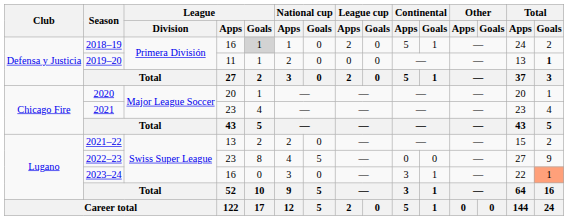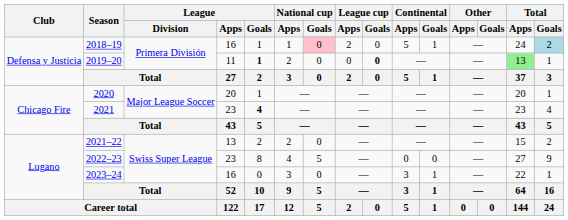 <table class="wikitable" style="text-align:center">
 <tr>
 <th rowspan="2">Club</th>
 <th rowspan="2">Season</th>
 <th colspan="3">League</th>
 <th colspan="2">National cup</th>
 <th colspan="2">League cup</th>
 <th colspan="2">Continental</th>
 <th colspan="2">Other</th>
 <th colspan="2">Total</th>
 </tr>
 <tr>
 <th>Division</th>
 <th>Apps</th>
 <th>Goals</th>
 <th>Apps</th>
 <th>Goals</th>
 <th>Apps</th>
 <th>Goals</th>
 <th>Apps</th>
 <th>Goals</th>
 <th>Apps</th>
 <th>Goals</th>
 <th>Apps</th>
 <th>Goals</th>
 </tr>
 <tr>
 <td rowspan="3"><a href='#'>Defensa y Justicia</a></td>
 <td><a href='#'>2018–19</a></td>
 <td rowspan="2"><a href='#'>Primera División</a></td>
 <td>16</td>
-<td style="background: lightgrey;">1</td>
 <td>1</td>
-<td>0</td>
+<td>1</td>
+<td style="background: pink;">0</td>
 <td>2</td>
 <td>0</td>
 <td>5</td>
 <td>1</td>
 <td colspan="2">—</td>
 <td>24</td>
-<td>2</td>
+<td style="background: lightblue;">2</td>
 </tr>
 <tr>
 <td><a href='#'>2019–20</a></td>
 <td>11</td>
-<td>1</td>
+<td><strong>1</strong></td>
 <td>2</td>
 <td>0</td>
 <td>0</td>
-<td>0</td>
+<td><strong>0</strong></td>
 <td colspan="2">—</td>
 <td colspan="2">—</td>
-<td>13</td>
-<td><strong>1</strong></td>
+<td style="background: lightgreen;">13</td>
+<td>1</td>
 </tr>
 <tr>
 <th colspan="2">Total</th>
 <th>27</th>
 <th>2</th>
 <th>3</th>
 <th>0</th>
 <th>2</th>
 <th>0</th>
 <th>5</th>
 <th>1</th>
 <th colspan="2">—</th>
 <th>37</th>
 <th>3</th>
 </tr>
 <tr>
 <td rowspan="3"><a href='#'>Chicago Fire</a></td>
 <td><a href='#'>2020</a></td>
 <td rowspan="2"><a href='#'>Major League Soccer</a></td>
 <td>20</td>
 <td>1</td>
 <td colspan="2">—</td>
 <td colspan="2">—</td>
 <td colspan="2">—</td>
 <td colspan="2">—</td>
 <td>20</td>
 <td>1</td>
 </tr>
 <tr>
 <td><a href='#'>2021</a></td>
 <td>23</td>
-<td>4</td>
+<td><strong>4</strong></td>
 <td colspan="2">—</td>
 <td colspan="2">—</td>
 <td colspan="2">—</td>
 <td colspan="2">—</td>
 <td>23</td>
 <td>4</td>
 </tr>
 <tr>
 <th colspan="2">Total</th>
 <th>43</th>
 <th>5</th>
 <th colspan="2">—</th>
 <th colspan="2">—</th>
 <th colspan="2">—</th>
 <th colspan="2">—</th>
 <th>43</th>
 <th>5</th>
 </tr>
 <tr>
 <td rowspan="4"><a href='#'>Lugano</a></td>
 <td><a href='#'>2021–22</a></td>
 <td rowspan="3"><a href='#'>Swiss Super League</a></td>
 <td>13</td>
 <td>2</td>
 <td>2</td>
 <td>0</td>
 <td colspan="2">—</td>
 <td colspan="2">—</td>
 <td colspan="2">—</td>
 <td>15</td>
 <td>2</td>
 </tr>
 <tr>
 <td><a href='#'>2022–23</a></td>
 <td>23</td>
 <td>8</td>
 <td>4</td>
 <td>5</td>
 <td colspan="2">—</td>
 <td>0</td>
 <td>0</td>
 <td colspan="2">—</td>
 <td>27</td>
 <td>9</td>
 </tr>
 <tr>
 <td><a href='#'>2023–24</a></td>
 <td>16</td>
 <td>0</td>
 <td>3</td>
 <td>0</td>
 <td colspan="2">—</td>
 <td>3</td>
 <td>1</td>
 <td colspan="2">—</td>
 <td>22</td>
-<td style="background: lightsalmon;">1</td>
+<td>1</td>
 </tr>
 <tr>
 <th colspan="2">Total</th>
 <th>52</th>
 <th>10</th>
 <th>9</th>
 <th>5</th>
 <th colspan="2">—</th>
 <th>3</th>
 <th>1</th>
 <th colspan="2">—</th>
 <th>64</th>
 <th>16</th>
 </tr>
 <tr>
 <th colspan="3">Career total</th>
 <th>122</th>
 <th>17</th>
 <th>12</th>
 <th>5</th>
 <th>2</th>
 <th>0</th>
 <th>5</th>
 <th>1</th>
 <th>0</th>
 <th>0</th>
 <th>144</th>
 <th>24</th>
 </tr>
 </table>
